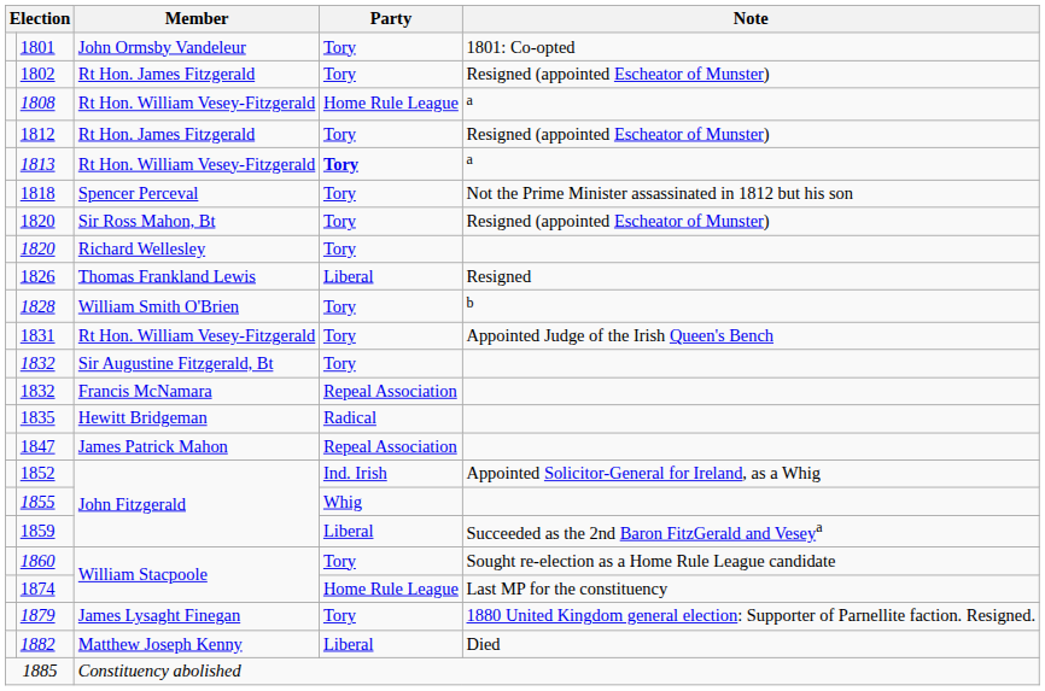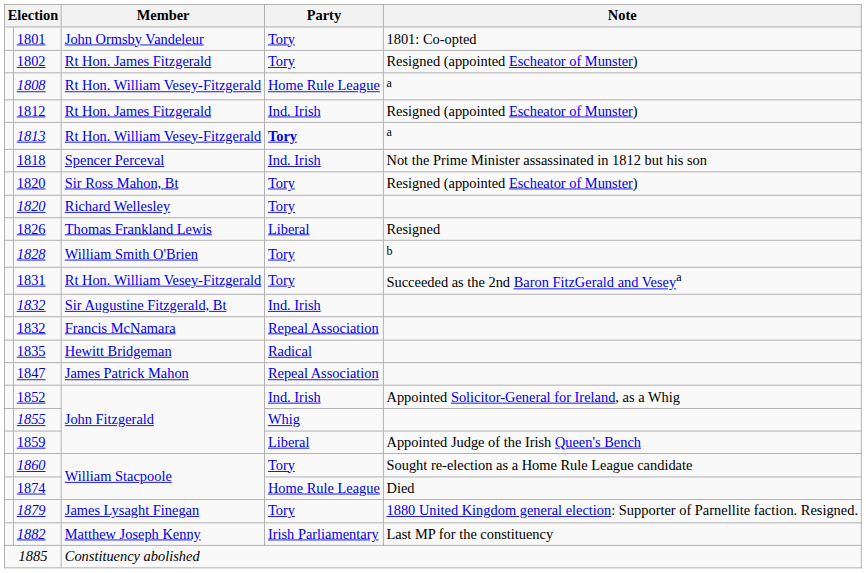 <table class="wikitable">
 <tr>
 <th colspan="2">Election</th>
 <th>Member</th>
 <th>Party</th>
 <th>Note</th>
 </tr>
 <tr>
 <td style="color:inherit;background-color: "></td>
 <td><a href='#'>1801</a></td>
 <td><a href='#'>John Ormsby Vandeleur</a></td>
 <td><a href='#'>Tory</a></td>
 <td>1801: Co-opted</td>
 </tr>
 <tr>
 <td style="color:inherit;background-color: "></td>
 <td><a href='#'>1802</a></td>
 <td><a href='#'>Rt Hon. James Fitzgerald</a></td>
 <td><a href='#'>Tory</a></td>
 <td>Resigned (appointed <a href='#'>Escheator of Munster</a>)</td>
 </tr>
 <tr>
 <td style="color:inherit;background-color: "></td>
 <td><em><a href='#'>1808</a></em></td>
 <td><a href='#'>Rt Hon. William Vesey-Fitzgerald</a></td>
 <td><a href='#'>Home Rule League</a></td>
 <td><sup>a</sup></td>
 </tr>
 <tr>
 <td style="color:inherit;background-color: "></td>
 <td><a href='#'>1812</a></td>
 <td><a href='#'>Rt Hon. James Fitzgerald</a></td>
-<td><a href='#'>Tory</a></td>
+<td><a href='#'>Ind. Irish</a></td>
 <td>Resigned (appointed <a href='#'>Escheator of Munster</a>)</td>
 </tr>
 <tr>
 <td style="color:inherit;background-color: "></td>
 <td><em><a href='#'>1813</a></em></td>
 <td><a href='#'>Rt Hon. William Vesey-Fitzgerald</a></td>
 <td><strong><a href='#'>Tory</a></strong></td>
 <td><sup>a</sup></td>
 </tr>
 <tr>
 <td style="color:inherit;background-color: "></td>
 <td><a href='#'>1818</a></td>
 <td><a href='#'>Spencer Perceval</a></td>
-<td><a href='#'>Tory</a></td>
+<td><a href='#'>Ind. Irish</a></td>
 <td>Not the Prime Minister assassinated in 1812 but his son</td>
 </tr>
 <tr>
 <td style="color:inherit;background-color: "></td>
 <td><a href='#'>1820</a></td>
 <td><a href='#'>Sir Ross Mahon, Bt</a></td>
 <td><a href='#'>Tory</a></td>
 <td>Resigned (appointed <a href='#'>Escheator of Munster</a>)</td>
 </tr>
 <tr>
 <td style="color:inherit;background-color: "></td>
 <td><em><a href='#'>1820</a></em></td>
 <td><a href='#'>Richard Wellesley</a></td>
 <td><a href='#'>Tory</a></td>
 <td></td>
 </tr>
 <tr>
 <td style="color:inherit;background-color: "></td>
 <td><a href='#'>1826</a></td>
 <td><a href='#'>Thomas Frankland Lewis</a></td>
 <td><a href='#'>Liberal</a></td>
 <td>Resigned</td>
 </tr>
 <tr>
 <td style="color:inherit;background-color: "></td>
 <td><em><a href='#'>1828</a></em></td>
 <td><a href='#'>William Smith O'Brien</a></td>
 <td><a href='#'>Tory</a></td>
 <td><sup>b</sup></td>
 </tr>
 <tr>
 <td style="color:inherit;background-color: "></td>
 <td><a href='#'>1831</a></td>
 <td><a href='#'>Rt Hon. William Vesey-Fitzgerald</a></td>
 <td><a href='#'>Tory</a></td>
-<td>Appointed Judge of the Irish <a href='#'>Queen's Bench</a></td>
+<td>Succeeded as the 2nd <a href='#'>Baron FitzGerald and Vesey</a><sup>a</sup></td>
 </tr>
 <tr>
 <td style="color:inherit;background-color: "></td>
 <td><em><a href='#'>1832</a></em></td>
 <td><a href='#'>Sir Augustine Fitzgerald, Bt</a></td>
-<td><a href='#'>Tory</a></td>
+<td><a href='#'>Ind. Irish</a></td>
 <td></td>
 </tr>
 <tr>
 <td style="color:inherit;background-color: "></td>
 <td><a href='#'>1832</a></td>
 <td><a href='#'>Francis McNamara</a></td>
 <td><a href='#'>Repeal Association</a></td>
 <td></td>
 </tr>
 <tr>
 <td style="color:inherit;background-color: "></td>
 <td><a href='#'>1835</a></td>
 <td><a href='#'>Hewitt Bridgeman</a></td>
 <td><a href='#'>Radical</a></td>
 <td></td>
 </tr>
 <tr>
 <td style="color:inherit;background-color: "></td>
 <td><a href='#'>1847</a></td>
 <td><a href='#'>James Patrick Mahon</a></td>
 <td><a href='#'>Repeal Association</a></td>
 <td></td>
 </tr>
 <tr>
 <td style="color:inherit;background-color: "></td>
 <td><a href='#'>1852</a></td>
 <td rowspan="3"><a href='#'>John Fitzgerald</a></td>
 <td><a href='#'>Ind. Irish</a></td>
 <td>Appointed <a href='#'>Solicitor-General for Ireland</a>, as a Whig</td>
 </tr>
 <tr>
 <td style="color:inherit;background-color: "></td>
 <td><em><a href='#'>1855</a></em></td>
 <td><a href='#'>Whig</a></td>
 <td></td>
 </tr>
 <tr>
 <td style="color:inherit;background-color: "></td>
 <td><a href='#'>1859</a></td>
 <td><a href='#'>Liberal</a></td>
-<td>Succeeded as the 2nd <a href='#'>Baron FitzGerald and Vesey</a><sup>a</sup></td>
+<td>Appointed Judge of the Irish <a href='#'>Queen's Bench</a></td>
 </tr>
 <tr>
 <td style="color:inherit;background-color: "></td>
 <td><em><a href='#'>1860</a></em></td>
 <td rowspan="2"><a href='#'>William Stacpoole</a></td>
 <td><a href='#'>Tory</a></td>
 <td>Sought re-election as a Home Rule League candidate</td>
 </tr>
 <tr>
 <td style="color:inherit;background-color: "></td>
 <td><a href='#'>1874</a></td>
 <td><a href='#'>Home Rule League</a></td>
-<td>Last MP for the constituency</td>
+<td>Died</td>
 </tr>
 <tr>
 <td style="color:inherit;background-color: "></td>
 <td><em><a href='#'>1879</a></em></td>
 <td><a href='#'>James Lysaght Finegan</a></td>
 <td><a href='#'>Tory</a></td>
 <td><a href='#'>1880 United Kingdom general election</a>: Supporter of Parnellite faction. Resigned.</td>
 </tr>
 <tr>
 <td style="color:inherit;background-color: "></td>
 <td><em><a href='#'>1882</a></em></td>
 <td><a href='#'>Matthew Joseph Kenny</a></td>
-<td><a href='#'>Liberal</a></td>
-<td>Died</td>
+<td><a href='#'>Irish Parliamentary</a></td>
+<td>Last MP for the constituency</td>
 </tr>
 <tr>
 <td colspan="2" align="center"><em>1885</em></td>
 <td colspan="3"><em>Constituency abolished</em></td>
 </tr>
 </table>
